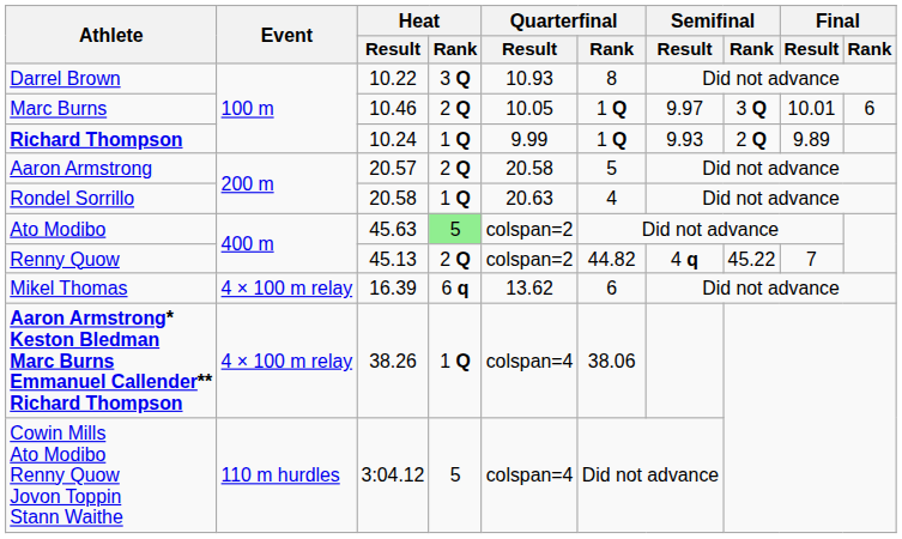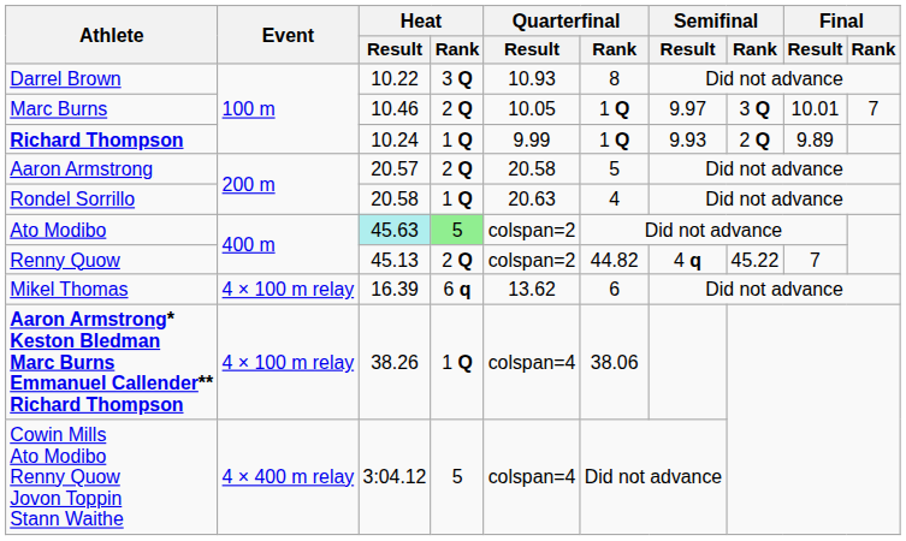 <table class=wikitable style="font-size:90%">
 <tr>
 <th rowspan="2">Athlete</th>
 <th rowspan="2">Event</th>
 <th colspan="2">Heat</th>
 <th colspan="2">Quarterfinal</th>
 <th colspan="2">Semifinal</th>
 <th colspan="2">Final</th>
 </tr>
 <tr style="font-size:95%">
 <th>Result</th>
 <th>Rank</th>
 <th>Result</th>
 <th>Rank</th>
 <th>Result</th>
 <th>Rank</th>
 <th>Result</th>
 <th>Rank</th>
 </tr>
 <tr align=center>
 <td align=left><a href='#'>Darrel Brown</a></td>
 <td align=left rowspan=3><a href='#'>100 m</a></td>
 <td>10.22</td>
 <td>3 <strong>Q</strong></td>
 <td>10.93</td>
 <td>8</td>
 <td colspan=4>Did not advance</td>
 </tr>
 <tr align=center>
 <td align=left><a href='#'>Marc Burns</a></td>
 <td>10.46</td>
 <td>2 <strong>Q</strong></td>
 <td>10.05</td>
 <td>1 <strong>Q</strong></td>
 <td>9.97</td>
 <td>3 <strong>Q</strong></td>
 <td>10.01</td>
-<td>6</td>
+<td>7</td>
 </tr>
 <tr align=center>
 <td align=left><strong><a href='#'>Richard Thompson</a></strong></td>
 <td>10.24</td>
 <td>1 <strong>Q</strong></td>
 <td>9.99</td>
 <td>1 <strong>Q</strong></td>
 <td>9.93</td>
 <td>2 <strong>Q</strong></td>
 <td>9.89</td>
 <td></td>
 </tr>
 <tr align=center>
 <td align=left><a href='#'>Aaron Armstrong</a></td>
 <td align=left rowspan=2><a href='#'>200 m</a></td>
 <td>20.57</td>
 <td>2 <strong>Q</strong></td>
 <td>20.58</td>
 <td>5</td>
 <td colspan=4>Did not advance</td>
 </tr>
 <tr align=center>
 <td align=left><a href='#'>Rondel Sorrillo</a></td>
 <td>20.58</td>
 <td>1 <strong>Q</strong></td>
 <td>20.63</td>
 <td>4</td>
 <td colspan=4>Did not advance</td>
 </tr>
 <tr align=center>
 <td align=left><a href='#'>Ato Modibo</a></td>
 <td align=left rowspan=2><a href='#'>400 m</a></td>
-<td>45.63</td>
+<td style="background: paleturquoise;">45.63</td>
 <td style="background: lightgreen;">5</td>
 <td>colspan=2 </td>
 <td colspan=4>Did not advance</td>
 </tr>
 <tr align=center>
 <td align=left><a href='#'>Renny Quow</a></td>
 <td>45.13</td>
 <td>2 <strong>Q</strong></td>
 <td>colspan=2 </td>
 <td>44.82</td>
 <td>4 <strong>q</strong></td>
 <td>45.22</td>
 <td>7</td>
 </tr>
 <tr align=center>
 <td align=left><a href='#'>Mikel Thomas</a></td>
 <td align=left><a href='#'>4 × 100 m relay</a></td>
 <td>16.39</td>
 <td>6 <strong>q</strong></td>
 <td>13.62</td>
 <td>6</td>
 <td colspan=4>Did not advance</td>
 </tr>
 <tr align=center>
 <td align=left><strong><a href='#'>Aaron Armstrong</a>*<br><a href='#'>Keston Bledman</a><br><a href='#'>Marc Burns</a><br><a href='#'>Emmanuel Callender</a>**<br><a href='#'>Richard Thompson</a><br></strong></td>
 <td align=left><a href='#'>4 × 100 m relay</a></td>
 <td>38.26</td>
 <td>1 <strong>Q</strong></td>
 <td>colspan=4 </td>
 <td>38.06</td>
 <td></td>
 </tr>
 <tr align=center>
 <td align=left><a href='#'>Cowin Mills</a><br><a href='#'>Ato Modibo</a><br><a href='#'>Renny Quow</a><br><a href='#'>Jovon Toppin</a><br><a href='#'>Stann Waithe</a></td>
-<td align=left><a href='#'>110 m hurdles</a></td>
+<td align=left><a href='#'>4 × 400 m relay</a></td>
 <td>3:04.12</td>
 <td>5</td>
 <td>colspan=4 </td>
 <td colspan=2>Did not advance</td>
 </tr>
 </table>
